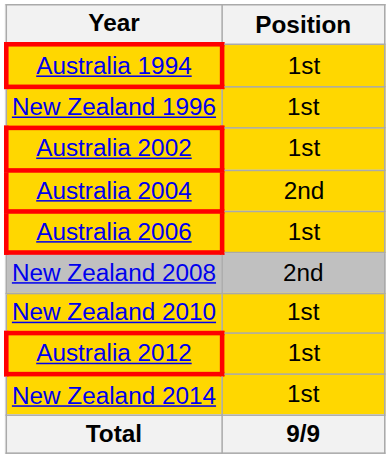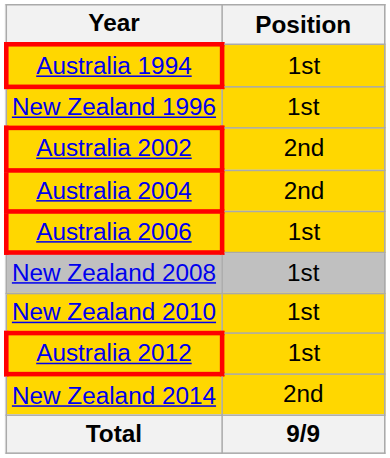 <table class="wikitable" style="text-align: center;">
 <tr>
 <th>Year</th>
 <th width="100">Position</th>
 </tr>
 <tr bgcolor=gold>
 <td style="border: 3px solid red"><a href='#'>Australia 1994</a></td>
 <td>1st</td>
 </tr>
 <tr bgcolor=gold>
 <td><a href='#'>New Zealand 1996</a></td>
 <td>1st</td>
 </tr>
 <tr bgcolor=gold>
 <td style="border: 3px solid red"><a href='#'>Australia 2002</a></td>
-<td>1st</td>
+<td>2nd</td>
 </tr>
 <tr bgcolor=gold>
 <td style="border: 3px solid red"><a href='#'>Australia 2004</a></td>
 <td>2nd</td>
 </tr>
 <tr bgcolor=gold>
 <td style="border: 3px solid red"><a href='#'>Australia 2006</a></td>
 <td>1st</td>
 </tr>
 <tr bgcolor=silver>
 <td><a href='#'>New Zealand 2008</a></td>
-<td>2nd</td>
+<td>1st</td>
 </tr>
 <tr bgcolor=gold>
 <td style="border:"><a href='#'>New Zealand 2010</a></td>
 <td>1st</td>
 </tr>
 <tr bgcolor=gold>
 <td style="border: 3px solid red"><a href='#'>Australia 2012</a></td>
 <td>1st</td>
 </tr>
 <tr bgcolor=gold>
 <td style="border:"><a href='#'>New Zealand 2014</a></td>
-<td>1st</td>
+<td>2nd</td>
 </tr>
 <tr>
 <th>Total</th>
 <th>9/9</th>
 </tr>
 </table>
